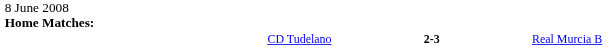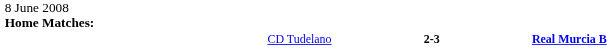 <table width=100% cellspacing=1>
 <tr>
 <th width=20%></th>
 <th width=12%></th>
 <th width=20%></th>
 <th></th>
 </tr>
 <tr>
 <td>8 June 2008<br><strong>Home Matches:</strong></td>
 </tr>
 <tr style=font-size:90%>
 <td align=right><a href='#'>CD Tudelano</a></td>
 <td align=center><strong>2-3</strong></td>
-<td><a href='#'>Real Murcia B</a></td>
+<td><strong><a href='#'>Real Murcia B</a></strong></td>
 </tr>
 </table>
